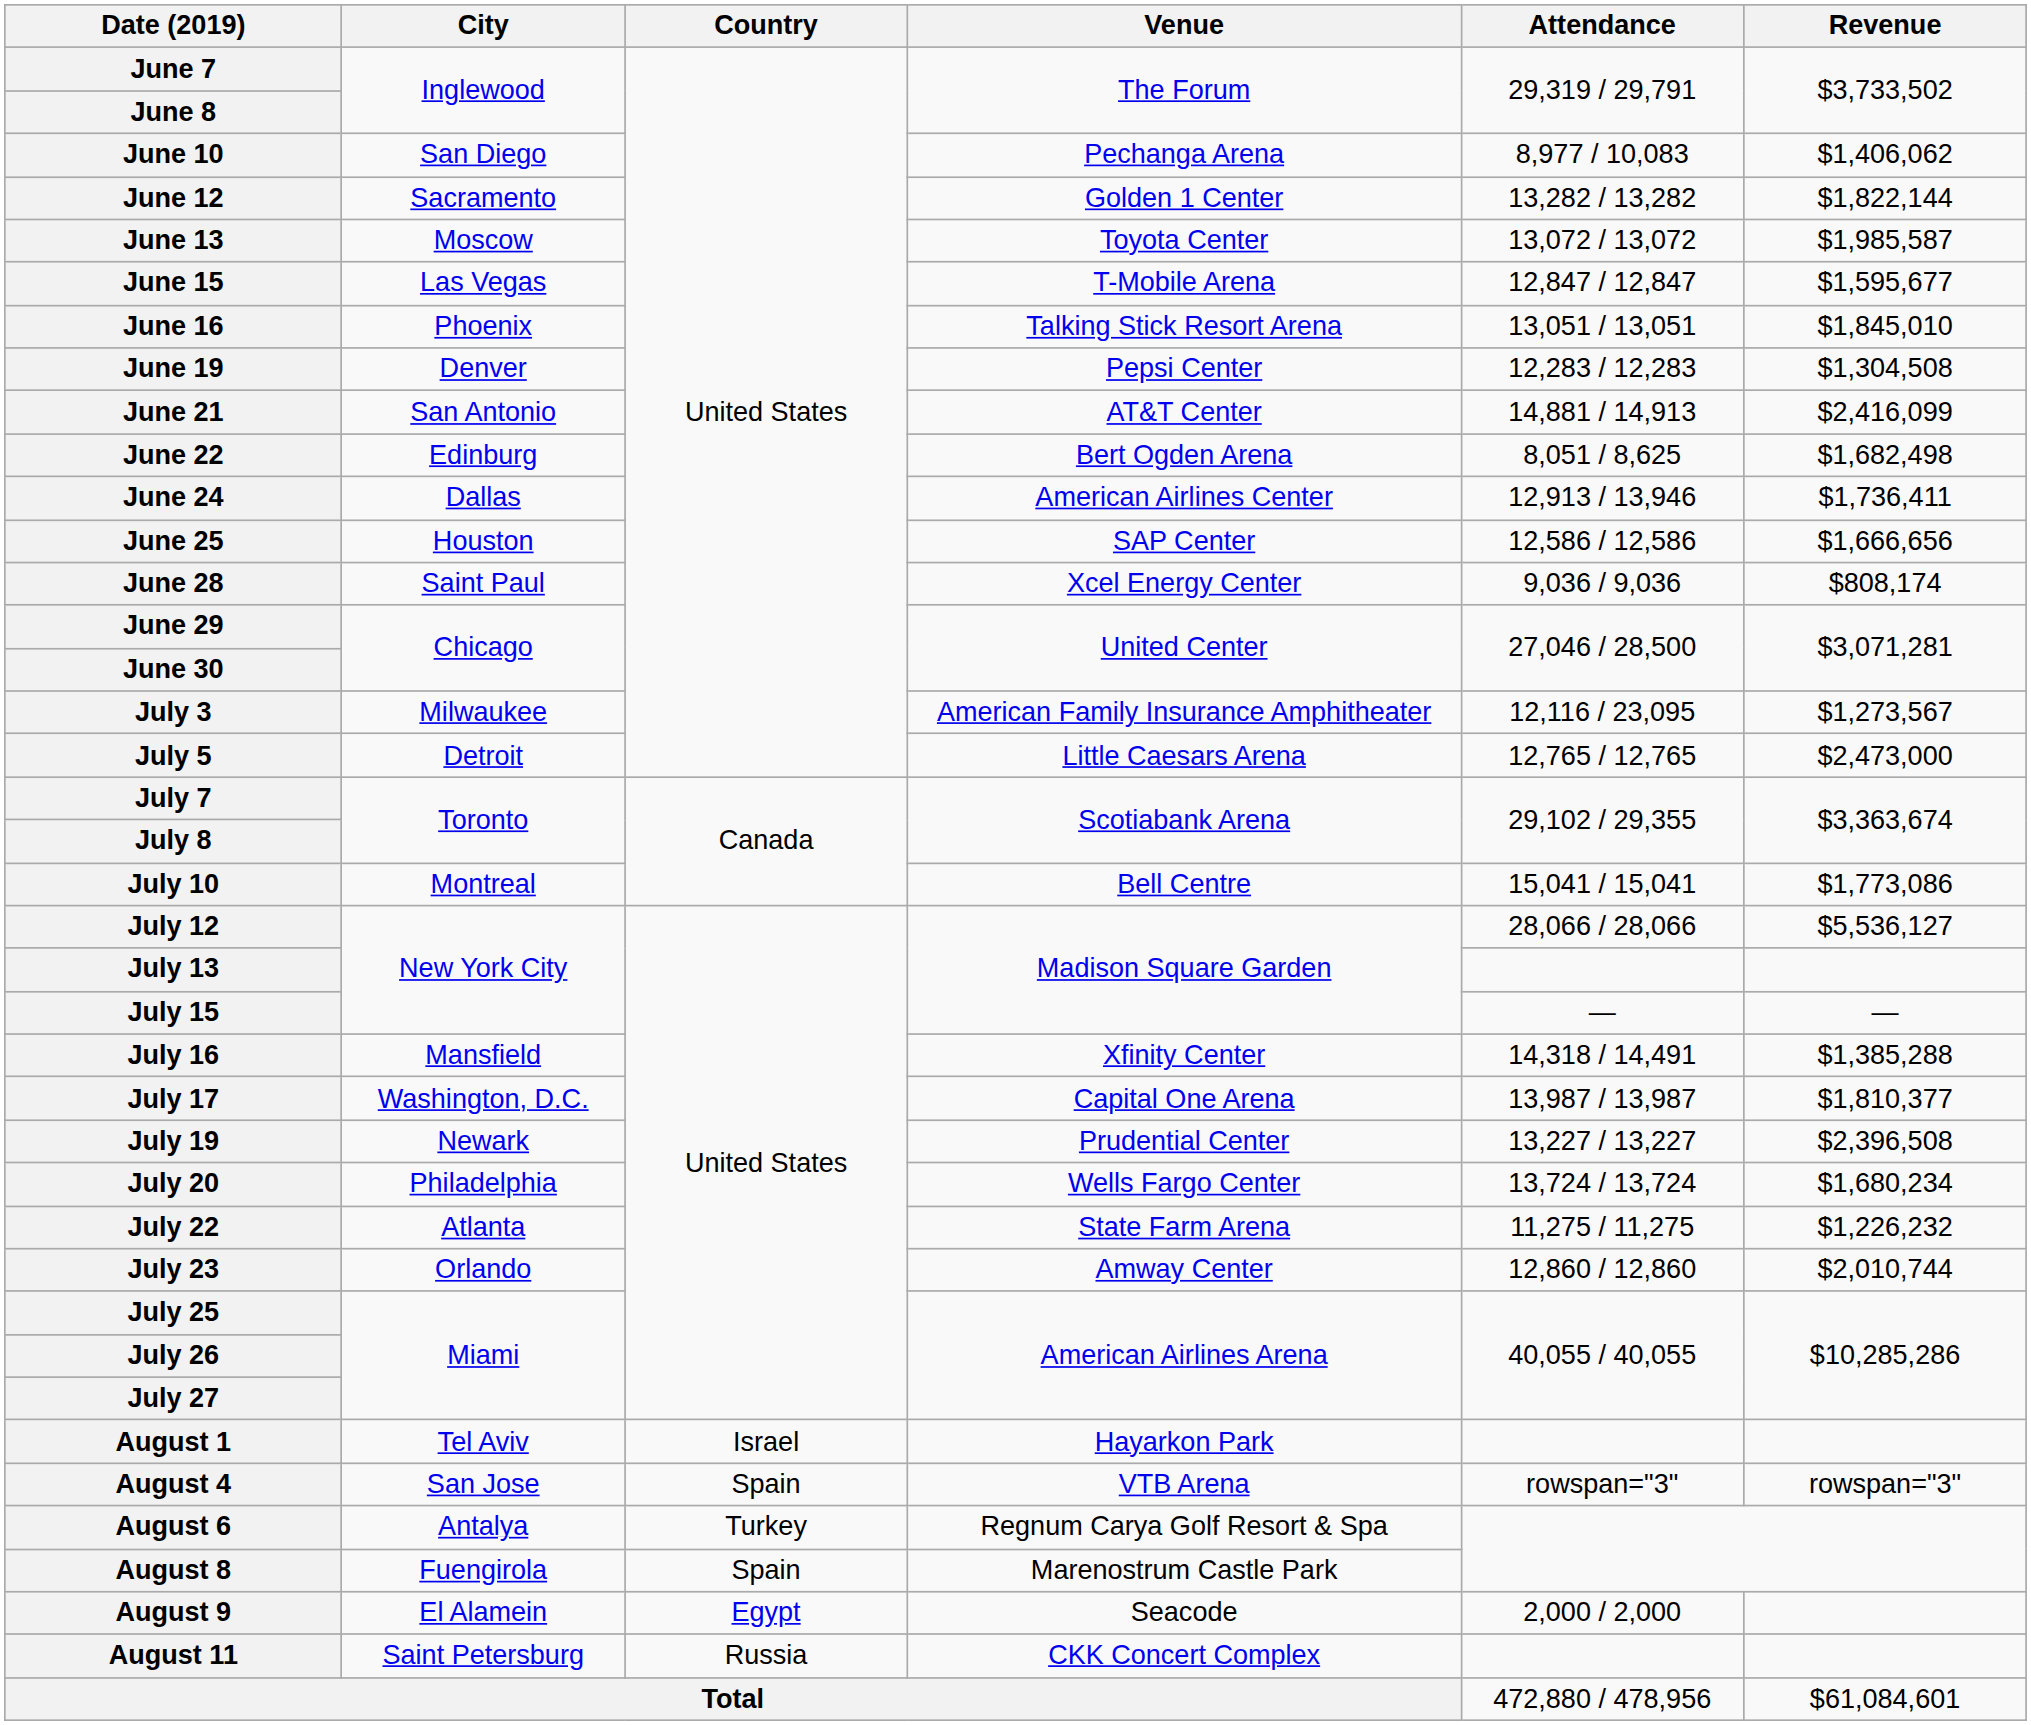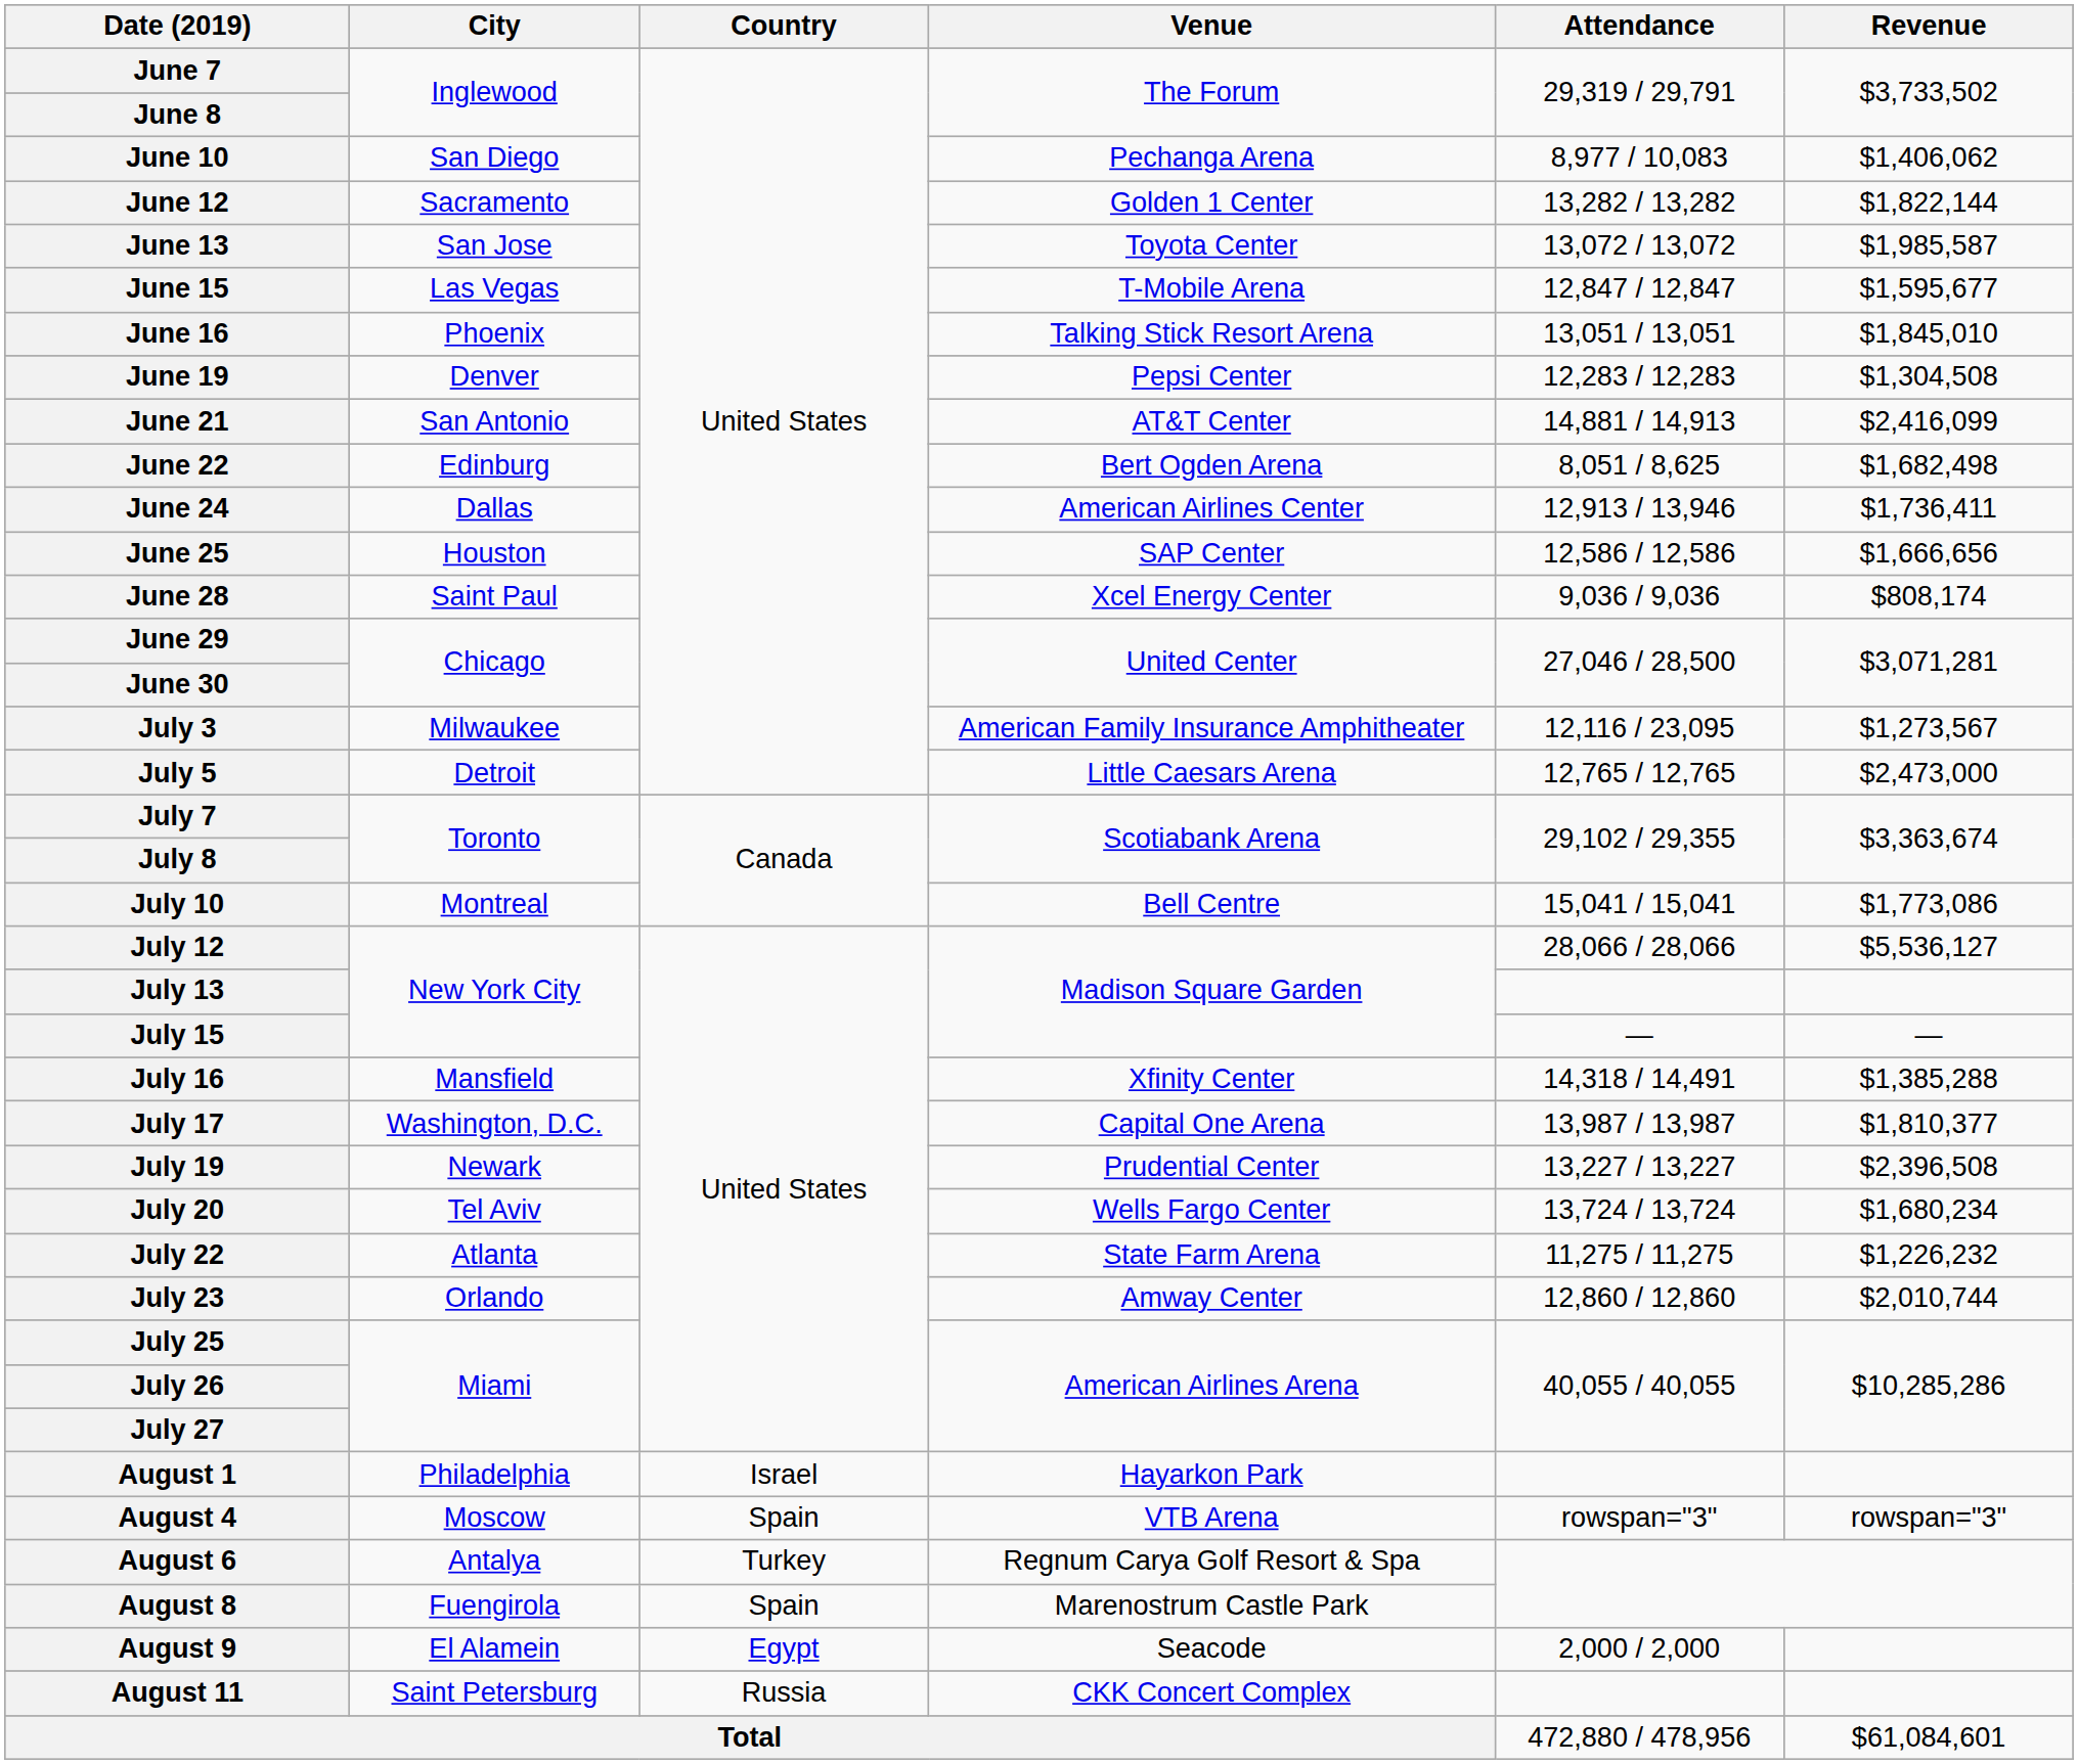 <table class="wikitable plainrowheaders" style="text-align:center;">
 <tr>
 <th scope="col" style="width:12em;">Date (2019)</th>
 <th scope="col" style="width:10em;">City</th>
 <th scope="col" style="width:10em;">Country</th>
 <th scope="col" style="width:20em;">Venue</th>
 <th scope="col" style="width:10em;">Attendance</th>
 <th scope="col" style="width:10em;">Revenue</th>
 </tr>
 <tr>
 <th scope="row" style="text-align:center;">June 7</th>
 <td rowspan="2"><a href='#'>Inglewood</a></td>
 <td rowspan="17">United States</td>
 <td rowspan="2"><a href='#'>The Forum</a></td>
 <td rowspan="2">29,319 / 29,791</td>
 <td rowspan="2">$3,733,502</td>
 </tr>
 <tr>
 <th scope="row" style="text-align:center;">June 8</th>
 </tr>
 <tr>
 <th scope="row" style="text-align:center;">June 10</th>
 <td><a href='#'>San Diego</a></td>
 <td><a href='#'>Pechanga Arena</a></td>
 <td>8,977 / 10,083</td>
 <td>$1,406,062</td>
 </tr>
 <tr>
 <th scope="row" style="text-align:center;">June 12</th>
 <td><a href='#'>Sacramento</a></td>
 <td><a href='#'>Golden 1 Center</a></td>
 <td>13,282 / 13,282</td>
 <td>$1,822,144</td>
 </tr>
 <tr>
 <th scope="row" style="text-align:center;">June 13</th>
-<td><a href='#'>Moscow</a></td>
+<td><a href='#'>San Jose</a></td>
 <td><a href='#'>Toyota Center</a></td>
 <td>13,072 / 13,072</td>
 <td>$1,985,587</td>
 </tr>
 <tr>
 <th scope="row" style="text-align:center;">June 15</th>
 <td><a href='#'>Las Vegas</a></td>
 <td><a href='#'>T-Mobile Arena</a></td>
 <td>12,847 / 12,847</td>
 <td>$1,595,677</td>
 </tr>
 <tr>
 <th scope="row" style="text-align:center;">June 16</th>
 <td><a href='#'>Phoenix</a></td>
 <td><a href='#'>Talking Stick Resort Arena</a></td>
 <td>13,051 / 13,051</td>
 <td>$1,845,010</td>
 </tr>
 <tr>
 <th scope="row" style="text-align:center;">June 19</th>
 <td><a href='#'>Denver</a></td>
 <td><a href='#'>Pepsi Center</a></td>
 <td>12,283 / 12,283</td>
 <td>$1,304,508</td>
 </tr>
 <tr>
 <th scope="row" style="text-align:center;">June 21</th>
 <td><a href='#'>San Antonio</a></td>
 <td><a href='#'>AT&T Center</a></td>
 <td>14,881 / 14,913</td>
 <td>$2,416,099</td>
 </tr>
 <tr>
 <th scope="row" style="text-align:center;">June 22</th>
 <td><a href='#'>Edinburg</a></td>
 <td><a href='#'>Bert Ogden Arena</a></td>
 <td>8,051 / 8,625</td>
 <td>$1,682,498</td>
 </tr>
 <tr>
 <th scope="row" style="text-align:center;">June 24</th>
 <td><a href='#'>Dallas</a></td>
 <td><a href='#'>American Airlines Center</a></td>
 <td>12,913 / 13,946</td>
 <td>$1,736,411</td>
 </tr>
 <tr>
 <th scope="row" style="text-align:center;">June 25</th>
 <td><a href='#'>Houston</a></td>
 <td><a href='#'>SAP Center</a></td>
 <td>12,586 / 12,586</td>
 <td>$1,666,656</td>
 </tr>
 <tr>
 <th scope="row" style="text-align:center;">June 28</th>
 <td><a href='#'>Saint Paul</a></td>
 <td><a href='#'>Xcel Energy Center</a></td>
 <td>9,036 / 9,036</td>
 <td>$808,174</td>
 </tr>
 <tr>
 <th scope="row" style="text-align:center;">June 29</th>
 <td rowspan="2"><a href='#'>Chicago</a></td>
 <td rowspan="2"><a href='#'>United Center</a></td>
 <td rowspan="2">27,046 / 28,500</td>
 <td rowspan="2">$3,071,281</td>
 </tr>
 <tr>
 <th scope="row" style="text-align:center;">June 30</th>
 </tr>
 <tr>
 <th scope="row" style="text-align:center;">July 3</th>
 <td><a href='#'>Milwaukee</a></td>
 <td><a href='#'>American Family Insurance Amphitheater</a></td>
 <td>12,116 / 23,095</td>
 <td>$1,273,567</td>
 </tr>
 <tr>
 <th scope="row" style="text-align:center;">July 5</th>
 <td><a href='#'>Detroit</a></td>
 <td><a href='#'>Little Caesars Arena</a></td>
 <td>12,765 / 12,765</td>
 <td>$2,473,000</td>
 </tr>
 <tr>
 <th scope="row" style="text-align:center;">July 7</th>
 <td rowspan="2"><a href='#'>Toronto</a></td>
 <td rowspan="3">Canada</td>
 <td rowspan="2"><a href='#'>Scotiabank Arena</a></td>
 <td rowspan="2">29,102 / 29,355</td>
 <td rowspan="2">$3,363,674</td>
 </tr>
 <tr>
 <th scope="row" style="text-align:center;">July 8</th>
 </tr>
 <tr>
 <th scope="row" style="text-align:center;">July 10</th>
 <td><a href='#'>Montreal</a></td>
 <td><a href='#'>Bell Centre</a></td>
 <td>15,041 / 15,041</td>
 <td>$1,773,086</td>
 </tr>
 <tr>
 <th scope="row" style="text-align:center;">July 12</th>
 <td rowspan="3"><a href='#'>New York City</a></td>
 <td rowspan="12">United States</td>
 <td rowspan="3"><a href='#'>Madison Square Garden</a></td>
 <td>28,066 / 28,066</td>
 <td>$5,536,127</td>
 </tr>
 <tr>
 <th scope="row" style="text-align:center;">July 13</th>
 <td></td>
 <td></td>
 </tr>
 <tr>
 <th scope="row" style="text-align:center;">July 15</th>
 <td>—</td>
 <td>—</td>
 </tr>
 <tr>
 <th scope="row" style="text-align:center;">July 16</th>
 <td><a href='#'>Mansfield</a></td>
 <td><a href='#'>Xfinity Center</a></td>
 <td>14,318 / 14,491</td>
 <td>$1,385,288</td>
 </tr>
 <tr>
 <th scope="row" style="text-align:center;">July 17</th>
 <td><a href='#'>Washington, D.C.</a></td>
 <td><a href='#'>Capital One Arena</a></td>
 <td>13,987 / 13,987</td>
 <td>$1,810,377</td>
 </tr>
 <tr>
 <th scope="row" style="text-align:center;">July 19</th>
 <td><a href='#'>Newark</a></td>
 <td><a href='#'>Prudential Center</a></td>
 <td>13,227 / 13,227</td>
 <td>$2,396,508</td>
 </tr>
 <tr>
 <th scope="row" style="text-align:center;">July 20</th>
-<td><a href='#'>Philadelphia</a></td>
+<td><a href='#'>Tel Aviv</a></td>
 <td><a href='#'>Wells Fargo Center</a></td>
 <td>13,724 / 13,724</td>
 <td>$1,680,234</td>
 </tr>
 <tr>
 <th scope="row" style="text-align:center;">July 22</th>
 <td><a href='#'>Atlanta</a></td>
 <td><a href='#'>State Farm Arena</a></td>
 <td>11,275 / 11,275</td>
 <td>$1,226,232</td>
 </tr>
 <tr>
 <th scope="row" style="text-align:center;">July 23</th>
 <td><a href='#'>Orlando</a></td>
 <td><a href='#'>Amway Center</a></td>
 <td>12,860 / 12,860</td>
 <td>$2,010,744</td>
 </tr>
 <tr>
 <th scope="row" style="text-align:center;">July 25</th>
 <td rowspan="3"><a href='#'>Miami</a></td>
 <td rowspan="3"><a href='#'>American Airlines Arena</a></td>
 <td rowspan="3">40,055 / 40,055</td>
 <td rowspan="3">$10,285,286</td>
 </tr>
 <tr>
 <th scope="row" style="text-align:center;">July 26</th>
 </tr>
 <tr>
 <th scope="row" style="text-align:center;">July 27</th>
 </tr>
 <tr>
 <th scope="row" style="text-align:center;">August 1</th>
-<td><a href='#'>Tel Aviv</a></td>
+<td><a href='#'>Philadelphia</a></td>
 <td>Israel</td>
 <td><a href='#'>Hayarkon Park</a></td>
 <td></td>
 <td></td>
 </tr>
 <tr>
 <th scope="row" style="text-align:center;">August 4</th>
-<td><a href='#'>San Jose</a></td>
+<td><a href='#'>Moscow</a></td>
 <td>Spain</td>
 <td><a href='#'>VTB Arena</a></td>
 <td>rowspan="3" </td>
 <td>rowspan="3" </td>
 </tr>
 <tr>
 <th scope="row" style="text-align:center;">August 6</th>
 <td><a href='#'>Antalya</a></td>
 <td>Turkey</td>
 <td>Regnum Carya Golf Resort & Spa</td>
 </tr>
 <tr>
 <th scope="row" style="text-align:center;">August 8</th>
 <td><a href='#'>Fuengirola</a></td>
 <td>Spain</td>
 <td>Marenostrum Castle Park</td>
 </tr>
 <tr>
 <th scope="row" style="text-align:center;">August 9</th>
 <td><a href='#'>El Alamein</a></td>
 <td><a href='#'>Egypt</a></td>
 <td>Seacode</td>
 <td>2,000  / 2,000</td>
 <td></td>
 </tr>
 <tr>
 <th scope="row" style="text-align:center;">August 11</th>
 <td><a href='#'>Saint Petersburg</a></td>
 <td>Russia</td>
 <td><a href='#'>CKK Concert Complex</a></td>
 <td></td>
 <td></td>
 </tr>
 <tr>
 <th colspan="4">Total</th>
 <td>472,880 / 478,956</td>
 <td>$61,084,601</td>
 </tr>
 </table>
